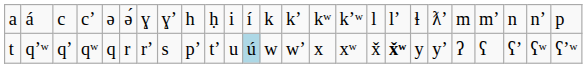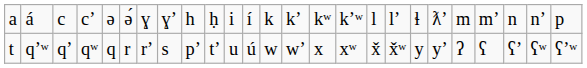 <table class="wikitable">
 <tr>
 <td>a</td>
 <td>á</td>
 <td>c</td>
 <td>cʼ</td>
 <td>ə</td>
 <td>ə́</td>
 <td>ɣ</td>
 <td>ɣʼ</td>
 <td>h</td>
 <td>ḥ</td>
 <td>i</td>
 <td>í</td>
 <td>k</td>
 <td>kʼ</td>
 <td>kʷ</td>
 <td>kʼʷ</td>
 <td>l</td>
 <td>lʼ</td>
 <td>ɬ</td>
 <td>ƛʼ</td>
 <td>m</td>
 <td>mʼ</td>
 <td>n</td>
 <td>nʼ</td>
 <td>p</td>
 </tr>
 <tr>
 <td>t</td>
 <td>qʼʷ</td>
 <td>qʼ</td>
 <td>qʷ</td>
 <td>q</td>
 <td>r</td>
 <td>rʼ</td>
 <td>s</td>
 <td>pʼ</td>
 <td>tʼ</td>
 <td>u</td>
-<td style="background: lightblue;">ú</td>
+<td>ú</td>
 <td>w</td>
 <td>wʼ</td>
 <td>x</td>
 <td>xʷ</td>
 <td>x̌</td>
-<td><strong>x̌ʷ</strong></td>
+<td>x̌ʷ</td>
 <td>y</td>
 <td>yʼ</td>
 <td>ʔ</td>
 <td>ʕ</td>
 <td>ʕʼ</td>
 <td>ʕʷ</td>
 <td>ʕʼʷ</td>
 </tr>
 </table>
